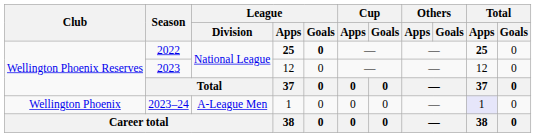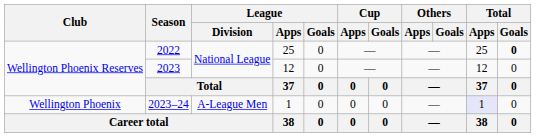 <table class="wikitable" style="text-align: center;">
 <tr>
 <th rowspan=2>Club</th>
 <th rowspan=2>Season</th>
 <th colspan=3>League</th>
 <th colspan=2>Cup</th>
 <th colspan=2>Others</th>
 <th colspan=2>Total</th>
 </tr>
 <tr>
 <th>Division</th>
 <th>Apps</th>
 <th>Goals</th>
 <th>Apps</th>
 <th>Goals</th>
 <th>Apps</th>
 <th>Goals</th>
 <th>Apps</th>
 <th>Goals</th>
 </tr>
 <tr>
 <td rowspan="3"><a href='#'>Wellington Phoenix Reserves</a></td>
 <td><a href='#'>2022</a></td>
 <td rowspan=2><a href='#'>National League</a></td>
-<td><strong>25</strong></td>
-<td><strong>0</strong></td>
+<td>25</td>
+<td>0</td>
 <td colspan=2>—</td>
 <td colspan=2>—</td>
-<td><strong>25</strong></td>
-<td>0</td>
+<td>25</td>
+<td><strong>0</strong></td>
 </tr>
 <tr>
 <td><a href='#'>2023</a></td>
 <td>12</td>
 <td>0</td>
 <td colspan=2>—</td>
 <td colspan=2>—</td>
 <td>12</td>
 <td>0</td>
 </tr>
 <tr>
 <th colspan=2>Total</th>
 <th>37</th>
 <th>0</th>
 <th>0</th>
 <th>0</th>
 <th colspan=2>—</th>
 <th>37</th>
 <th>0</th>
 </tr>
 <tr>
 <td><a href='#'>Wellington Phoenix</a></td>
 <td><a href='#'>2023–24</a></td>
 <td><a href='#'>A-League Men</a></td>
 <td>1</td>
 <td>0</td>
 <td>0</td>
 <td>0</td>
 <td colspan=2>—</td>
 <td style="background: lavender;">1</td>
 <td>0</td>
 </tr>
 <tr>
 <th colspan=3>Career total</th>
 <th>38</th>
 <th>0</th>
 <th>0</th>
 <th>0</th>
 <th colspan=2>—</th>
 <th>38</th>
 <th>0</th>
 </tr>
 </table>
